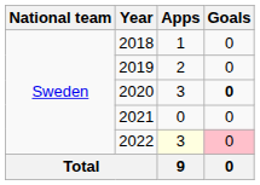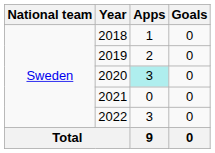 <table class="wikitable" style="text-align:center">
 <tr>
 <th>National team</th>
 <th>Year</th>
 <th>Apps</th>
 <th>Goals</th>
 </tr>
 <tr>
 <td rowspan="5"><a href='#'>Sweden</a></td>
 <td>2018</td>
 <td>1</td>
 <td>0</td>
 </tr>
 <tr>
 <td>2019</td>
 <td>2</td>
 <td>0</td>
 </tr>
 <tr>
 <td>2020</td>
-<td>3</td>
-<td><strong>0</strong></td>
+<td style="background: paleturquoise;">3</td>
+<td>0</td>
 </tr>
 <tr>
 <td>2021</td>
 <td>0</td>
 <td>0</td>
 </tr>
 <tr>
 <td>2022</td>
-<td style="background: lightyellow;">3</td>
-<td style="background: pink;">0</td>
+<td>3</td>
+<td>0</td>
 </tr>
 <tr>
 <th colspan="2">Total</th>
 <th>9</th>
 <th>0</th>
 </tr>
 </table>
